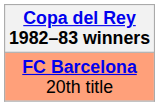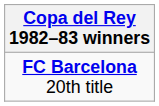 <table class="wikitable" style="text-align: center; margin: 0 auto;">
 <tr>
 <th><a href='#'>Copa del Rey</a><br>1982–83 winners</th>
 </tr>
 <tr>
-<td style="background: lightsalmon;"><strong><a href='#'>FC Barcelona</a></strong><br>20th title</td>
+<td><strong><a href='#'>FC Barcelona</a></strong><br>20th title</td>
 </tr>
 </table>
